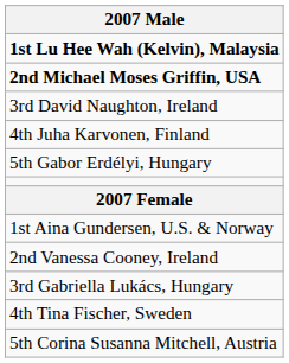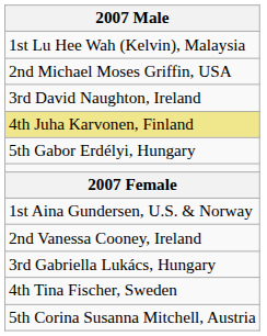 <table class="wikitable" style="float:left; margin-right:1em">
 <tr>
 <th>2007 Male</th>
 </tr>
 <tr>
-<td><strong>1st Lu Hee Wah (Kelvin), Malaysia</strong></td>
+<td>1st Lu Hee Wah (Kelvin), Malaysia</td>
 </tr>
 <tr>
-<td><strong>2nd Michael Moses Griffin, USA</strong></td>
+<td>2nd Michael Moses Griffin, USA</td>
 </tr>
 <tr>
 <td>3rd David Naughton, Ireland</td>
 </tr>
 <tr>
-<td>4th Juha Karvonen, Finland</td>
+<td style="background: khaki;">4th Juha Karvonen, Finland</td>
 </tr>
 <tr>
 <td>5th Gabor Erdélyi, Hungary</td>
 </tr>
 <tr>
 <td></td>
 </tr>
 <tr>
 <th>2007 Female</th>
 </tr>
 <tr>
 <td>1st Aina Gundersen, U.S. & Norway</td>
 </tr>
 <tr>
 <td>2nd Vanessa Cooney, Ireland</td>
 </tr>
 <tr>
 <td>3rd Gabriella Lukács, Hungary</td>
 </tr>
 <tr>
 <td>4th Tina Fischer, Sweden</td>
 </tr>
 <tr>
 <td>5th Corina Susanna Mitchell, Austria</td>
 </tr>
 </table>
